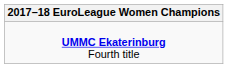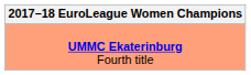 <table class=wikitable style="text-align:center; margin:auto">
 <tr>
 <th>2017–18 EuroLeague Women Champions</th>
 </tr>
 <tr>
-<td> <br><strong><a href='#'>UMMC Ekaterinburg</a></strong><br>Fourth title</td>
+<td style="background: lightsalmon;"> <br><strong><a href='#'>UMMC Ekaterinburg</a></strong><br>Fourth title</td>
 </tr>
 </table>
